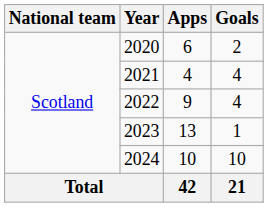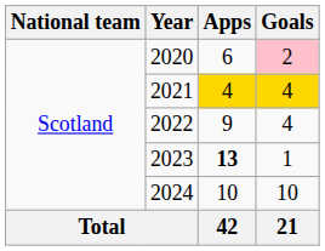 <table class="wikitable" style="text-align:center">
 <tr>
 <th>National team</th>
 <th>Year</th>
 <th>Apps</th>
 <th>Goals</th>
 </tr>
 <tr>
 <td rowspan="5"><a href='#'>Scotland</a></td>
 <td>2020</td>
 <td>6</td>
-<td>2</td>
+<td style="background: pink;">2</td>
 </tr>
 <tr>
 <td>2021</td>
-<td>4</td>
-<td>4</td>
+<td style="background: gold;">4</td>
+<td style="background: gold;">4</td>
 </tr>
 <tr>
 <td>2022</td>
 <td>9</td>
 <td>4</td>
 </tr>
 <tr>
 <td>2023</td>
-<td>13</td>
+<td><strong>13</strong></td>
 <td>1</td>
 </tr>
 <tr>
 <td>2024</td>
 <td>10</td>
 <td>10</td>
 </tr>
 <tr>
 <th colspan="2">Total</th>
 <th>42</th>
 <th>21</th>
 </tr>
 </table>
